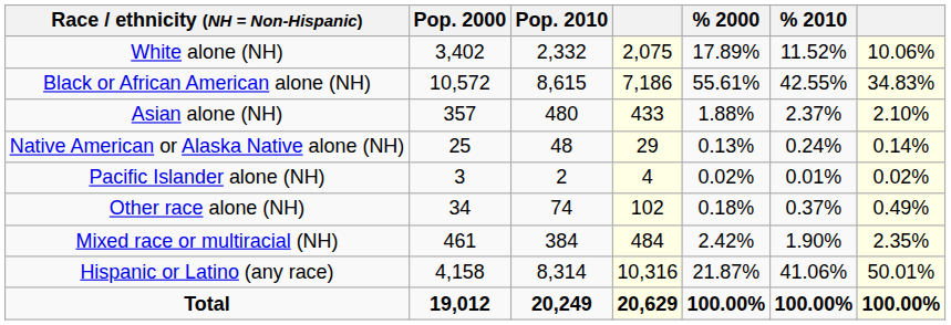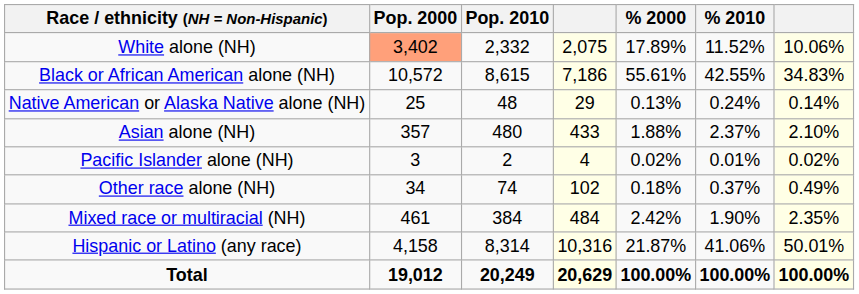 <table class="wikitable" style="text-align:center;">
 <tr>
 <th>Race / ethnicity <small>(<em>NH = Non-Hispanic</em>)</small></th>
 <th>Pop. 2000</th>
 <th>Pop. 2010</th>
 <th></th>
 <th>% 2000</th>
 <th>% 2010</th>
 <th></th>
 </tr>
 <tr>
 <td><a href='#'>White</a> alone (NH)</td>
-<td>3,402</td>
+<td style="background: lightsalmon;">3,402</td>
 <td>2,332</td>
 <td style='background: #ffffe6;'>2,075</td>
 <td>17.89%</td>
 <td>11.52%</td>
 <td style='background: #ffffe6;'>10.06%</td>
 </tr>
 <tr>
 <td><a href='#'>Black or African American</a> alone (NH)</td>
 <td>10,572</td>
 <td>8,615</td>
 <td style='background: #ffffe6;'>7,186</td>
 <td>55.61%</td>
 <td>42.55%</td>
 <td style='background: #ffffe6;'>34.83%</td>
 </tr>
 <tr>
+<td><a href='#'>Native American</a> or <a href='#'>Alaska Native</a> alone (NH)</td>
+<td>25</td>
+<td>48</td>
+<td style='background: #ffffe6;'>29</td>
+<td>0.13%</td>
+<td>0.24%</td>
+<td style='background: #ffffe6;'>0.14%</td>
+</tr>
+<tr>
 <td><a href='#'>Asian</a> alone (NH)</td>
 <td>357</td>
 <td>480</td>
 <td style='background: #ffffe6;'>433</td>
 <td>1.88%</td>
 <td>2.37%</td>
 <td style='background: #ffffe6;'>2.10%</td>
-</tr>
-<tr>
-<td><a href='#'>Native American</a> or <a href='#'>Alaska Native</a> alone (NH)</td>
-<td>25</td>
-<td>48</td>
-<td style='background: #ffffe6;'>29</td>
-<td>0.13%</td>
-<td>0.24%</td>
-<td style='background: #ffffe6;'>0.14%</td>
 </tr>
 <tr>
 <td><a href='#'>Pacific Islander</a> alone (NH)</td>
 <td>3</td>
 <td>2</td>
 <td style='background: #ffffe6;'>4</td>
 <td>0.02%</td>
 <td>0.01%</td>
 <td style='background: #ffffe6;'>0.02%</td>
 </tr>
 <tr>
 <td><a href='#'>Other race</a> alone (NH)</td>
 <td>34</td>
 <td>74</td>
 <td style='background: #ffffe6;'>102</td>
 <td>0.18%</td>
 <td>0.37%</td>
 <td style='background: #ffffe6;'>0.49%</td>
 </tr>
 <tr>
 <td><a href='#'>Mixed race or multiracial</a> (NH)</td>
 <td>461</td>
 <td>384</td>
 <td style='background: #ffffe6;'>484</td>
 <td>2.42%</td>
 <td>1.90%</td>
 <td style='background: #ffffe6;'>2.35%</td>
 </tr>
 <tr>
 <td><a href='#'>Hispanic or Latino</a> (any race)</td>
 <td>4,158</td>
 <td>8,314</td>
 <td style='background: #ffffe6;'>10,316</td>
 <td>21.87%</td>
 <td>41.06%</td>
 <td style='background: #ffffe6;'>50.01%</td>
 </tr>
 <tr>
 <td><strong>Total</strong></td>
 <td><strong>19,012</strong></td>
 <td><strong>20,249</strong></td>
 <td style='background: #ffffe6;'><strong>20,629</strong></td>
 <td><strong>100.00%</strong></td>
 <td><strong>100.00%</strong></td>
 <td style='background: #ffffe6;'><strong>100.00%</strong></td>
 </tr>
 </table>
